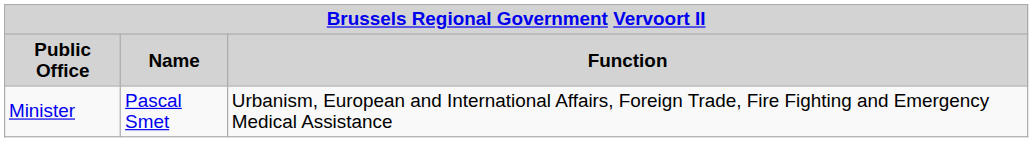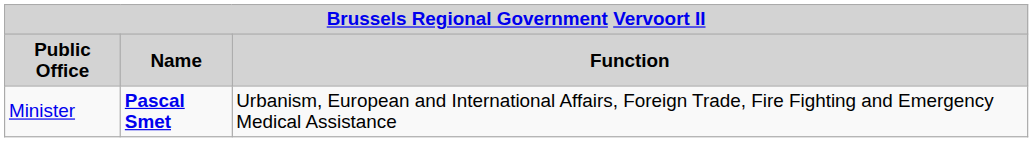 <table class="wikitable">
 <tr>
 <th style="background:LightGrey;" colspan="3"><a href='#'>Brussels Regional Government</a> <a href='#'>Vervoort II</a></th>
 </tr>
 <tr>
 <th style="background:LightGrey;">Public Office</th>
 <th style="background:LightGrey;">Name</th>
 <th style="background:LightGrey;">Function</th>
 </tr>
 <tr>
 <td><a href='#'>Minister</a></td>
-<td><a href='#'>Pascal Smet</a></td>
+<td><strong><a href='#'>Pascal Smet</a></strong></td>
 <td>Urbanism, European and International Affairs, Foreign Trade, Fire Fighting and Emergency Medical Assistance</td>
 </tr>
 </table>
